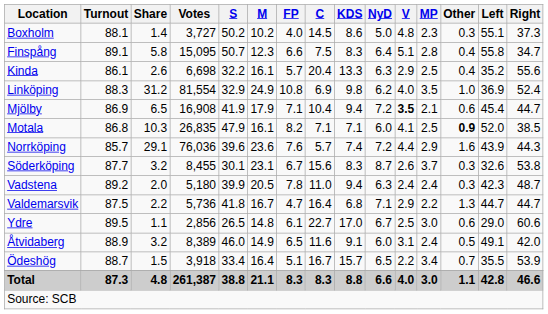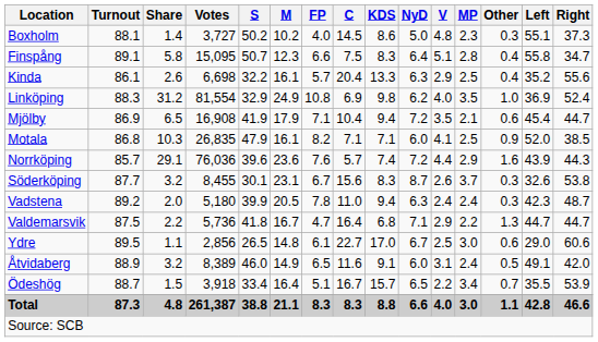 <table class="wikitable sortable" style=text-align:right>
 <tr>
 <th>Location</th>
 <th>Turnout</th>
 <th>Share</th>
 <th>Votes</th>
 <th><a href='#'>S</a></th>
 <th><a href='#'>M</a></th>
 <th><a href='#'>FP</a></th>
 <th><a href='#'>C</a></th>
 <th><a href='#'>KDS</a></th>
 <th><a href='#'>NyD</a></th>
 <th><a href='#'>V</a></th>
 <th><a href='#'>MP</a></th>
 <th>Other</th>
 <th>Left</th>
 <th>Right</th>
 </tr>
 <tr>
 <td align=left><a href='#'>Boxholm</a></td>
 <td>88.1</td>
 <td>1.4</td>
 <td>3,727</td>
 <td>50.2</td>
 <td>10.2</td>
 <td>4.0</td>
 <td>14.5</td>
 <td>8.6</td>
 <td>5.0</td>
 <td>4.8</td>
 <td>2.3</td>
 <td>0.3</td>
 <td>55.1</td>
 <td>37.3</td>
 </tr>
 <tr>
 <td align=left><a href='#'>Finspång</a></td>
 <td>89.1</td>
 <td>5.8</td>
 <td>15,095</td>
 <td>50.7</td>
 <td>12.3</td>
 <td>6.6</td>
 <td>7.5</td>
 <td>8.3</td>
 <td>6.4</td>
 <td>5.1</td>
 <td>2.8</td>
 <td>0.4</td>
 <td>55.8</td>
 <td>34.7</td>
 </tr>
 <tr>
 <td align=left><a href='#'>Kinda</a></td>
 <td>86.1</td>
 <td>2.6</td>
 <td>6,698</td>
 <td>32.2</td>
 <td>16.1</td>
 <td>5.7</td>
 <td>20.4</td>
 <td>13.3</td>
 <td>6.3</td>
 <td>2.9</td>
 <td>2.5</td>
 <td>0.4</td>
 <td>35.2</td>
 <td>55.6</td>
 </tr>
 <tr>
 <td align=left><a href='#'>Linköping</a></td>
 <td>88.3</td>
 <td>31.2</td>
 <td>81,554</td>
 <td>32.9</td>
 <td>24.9</td>
 <td>10.8</td>
 <td>6.9</td>
 <td>9.8</td>
 <td>6.2</td>
 <td>4.0</td>
 <td>3.5</td>
 <td>1.0</td>
 <td>36.9</td>
 <td>52.4</td>
 </tr>
 <tr>
 <td align=left><a href='#'>Mjölby</a></td>
 <td>86.9</td>
 <td>6.5</td>
 <td>16,908</td>
 <td>41.9</td>
 <td>17.9</td>
 <td>7.1</td>
 <td>10.4</td>
 <td>9.4</td>
 <td>7.2</td>
-<td><strong>3.5</strong></td>
+<td>3.5</td>
 <td>2.1</td>
 <td>0.6</td>
 <td>45.4</td>
 <td>44.7</td>
 </tr>
 <tr>
 <td align=left><a href='#'>Motala</a></td>
 <td>86.8</td>
 <td>10.3</td>
 <td>26,835</td>
 <td>47.9</td>
 <td>16.1</td>
 <td>8.2</td>
 <td>7.1</td>
 <td>7.1</td>
 <td>6.0</td>
 <td>4.1</td>
 <td>2.5</td>
-<td><strong>0.9</strong></td>
+<td>0.9</td>
 <td>52.0</td>
 <td>38.5</td>
 </tr>
 <tr>
 <td align=left><a href='#'>Norrköping</a></td>
 <td>85.7</td>
 <td>29.1</td>
 <td>76,036</td>
 <td>39.6</td>
 <td>23.6</td>
 <td>7.6</td>
 <td>5.7</td>
 <td>7.4</td>
 <td>7.2</td>
 <td>4.4</td>
 <td>2.9</td>
 <td>1.6</td>
 <td>43.9</td>
 <td>44.3</td>
 </tr>
 <tr>
 <td align=left><a href='#'>Söderköping</a></td>
 <td>87.7</td>
 <td>3.2</td>
 <td>8,455</td>
 <td>30.1</td>
 <td>23.1</td>
 <td>6.7</td>
 <td>15.6</td>
 <td>8.3</td>
 <td>8.7</td>
 <td>2.6</td>
 <td>3.7</td>
 <td>0.3</td>
 <td>32.6</td>
 <td>53.8</td>
 </tr>
 <tr>
 <td align=left><a href='#'>Vadstena</a></td>
 <td>89.2</td>
 <td>2.0</td>
 <td>5,180</td>
 <td>39.9</td>
 <td>20.5</td>
 <td>7.8</td>
 <td>11.0</td>
 <td>9.4</td>
 <td>6.3</td>
 <td>2.4</td>
 <td>2.4</td>
 <td>0.3</td>
 <td>42.3</td>
 <td>48.7</td>
 </tr>
 <tr>
 <td align=left><a href='#'>Valdemarsvik</a></td>
 <td>87.5</td>
 <td>2.2</td>
 <td>5,736</td>
 <td>41.8</td>
 <td>16.7</td>
 <td>4.7</td>
 <td>16.4</td>
 <td>6.8</td>
 <td>7.1</td>
 <td>2.9</td>
 <td>2.2</td>
 <td>1.3</td>
 <td>44.7</td>
 <td>44.7</td>
 </tr>
 <tr>
 <td align=left><a href='#'>Ydre</a></td>
 <td>89.5</td>
 <td>1.1</td>
 <td>2,856</td>
 <td>26.5</td>
 <td>14.8</td>
 <td>6.1</td>
 <td>22.7</td>
 <td>17.0</td>
 <td>6.7</td>
 <td>2.5</td>
 <td>3.0</td>
 <td>0.6</td>
 <td>29.0</td>
 <td>60.6</td>
 </tr>
 <tr>
 <td align=left><a href='#'>Åtvidaberg</a></td>
 <td>88.9</td>
 <td>3.2</td>
 <td>8,389</td>
 <td>46.0</td>
 <td>14.9</td>
 <td>6.5</td>
 <td>11.6</td>
 <td>9.1</td>
 <td>6.0</td>
 <td>3.1</td>
 <td>2.4</td>
 <td>0.5</td>
 <td>49.1</td>
 <td>42.0</td>
 </tr>
 <tr>
 <td align=left><a href='#'>Ödeshög</a></td>
 <td>88.7</td>
 <td>1.5</td>
 <td>3,918</td>
 <td>33.4</td>
 <td>16.4</td>
 <td>5.1</td>
 <td>16.7</td>
 <td>15.7</td>
 <td>6.5</td>
 <td>2.2</td>
 <td>3.4</td>
 <td>0.7</td>
 <td>35.5</td>
 <td>53.9</td>
 </tr>
 <tr>
 </tr>
 <tr style="background:#CDCDCD;">
 <td align=left><strong>Total</strong></td>
 <td><strong>87.3</strong></td>
 <td><strong>4.8</strong></td>
 <td><strong>261,387</strong></td>
 <td><strong>38.8</strong></td>
 <td><strong>21.1</strong></td>
 <td><strong>8.3</strong></td>
 <td><strong>8.3</strong></td>
 <td><strong>8.8</strong></td>
 <td><strong>6.6</strong></td>
 <td><strong>4.0</strong></td>
 <td><strong>3.0</strong></td>
 <td><strong>1.1</strong></td>
 <td><strong>42.8</strong></td>
 <td><strong>46.6</strong></td>
 </tr>
 <tr>
 <td align=left colspan=15>Source: SCB </td>
 </tr>
 </table>
